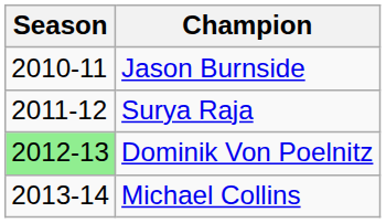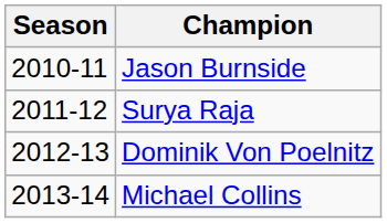 <table class="wikitable">
 <tr>
 <th>Season</th>
 <th>Champion</th>
 </tr>
 <tr>
 <td>2010-11</td>
 <td> <a href='#'>Jason Burnside</a></td>
 </tr>
 <tr>
 <td>2011-12</td>
 <td> <a href='#'>Surya Raja</a></td>
 </tr>
 <tr>
-<td style="background: lightgreen;">2012-13</td>
+<td>2012-13</td>
 <td> <a href='#'>Dominik Von Poelnitz</a></td>
 </tr>
 <tr>
 <td>2013-14</td>
 <td> <a href='#'>Michael Collins</a></td>
 </tr>
 </table>
